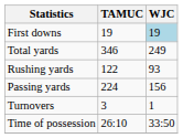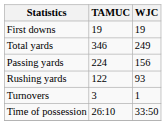 <table class="wikitable" style="float: left;">
 <tr>
 <th>Statistics</th>
 <th>TAMUC</th>
 <th>WJC</th>
 </tr>
 <tr>
 <td>First downs</td>
 <td>19</td>
-<td style="background: lightblue;">19</td>
+<td>19</td>
 </tr>
 <tr>
 <td>Total yards</td>
 <td>346</td>
 <td>249</td>
 </tr>
 <tr>
+<td>Passing yards</td>
+<td>224</td>
+<td>156</td>
+</tr>
+<tr>
 <td>Rushing yards</td>
 <td>122</td>
 <td>93</td>
-</tr>
-<tr>
-<td>Passing yards</td>
-<td>224</td>
-<td>156</td>
 </tr>
 <tr>
 <td>Turnovers</td>
 <td>3</td>
 <td>1</td>
 </tr>
 <tr>
 <td>Time of possession</td>
 <td>26:10</td>
 <td>33:50</td>
 </tr>
 <tr>
 </tr>
 </table>
